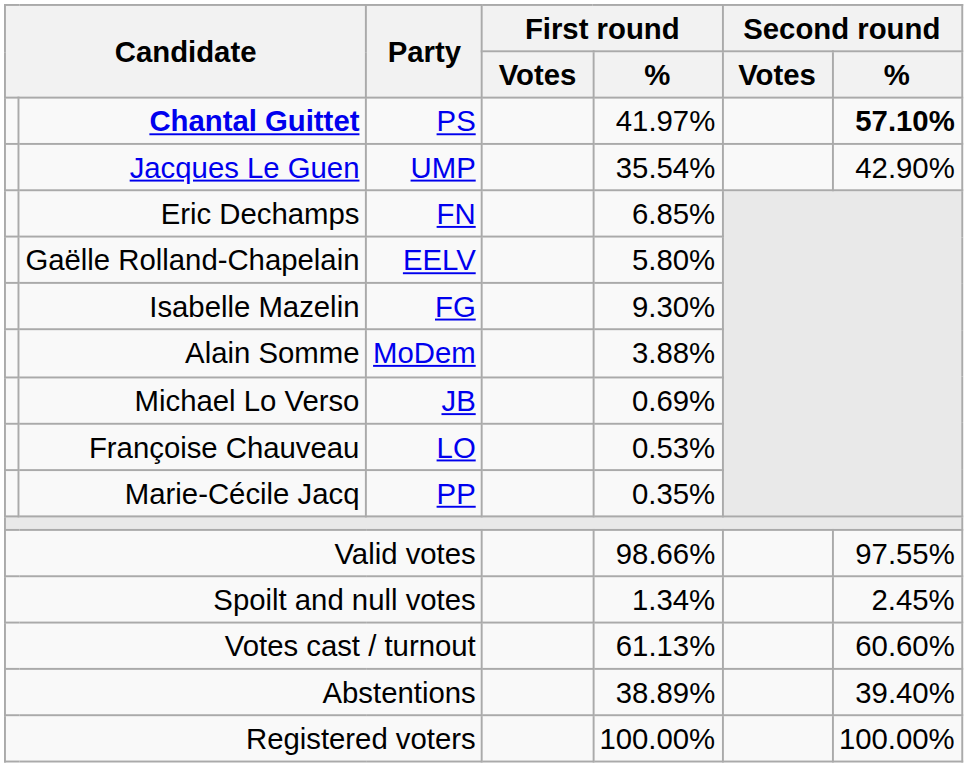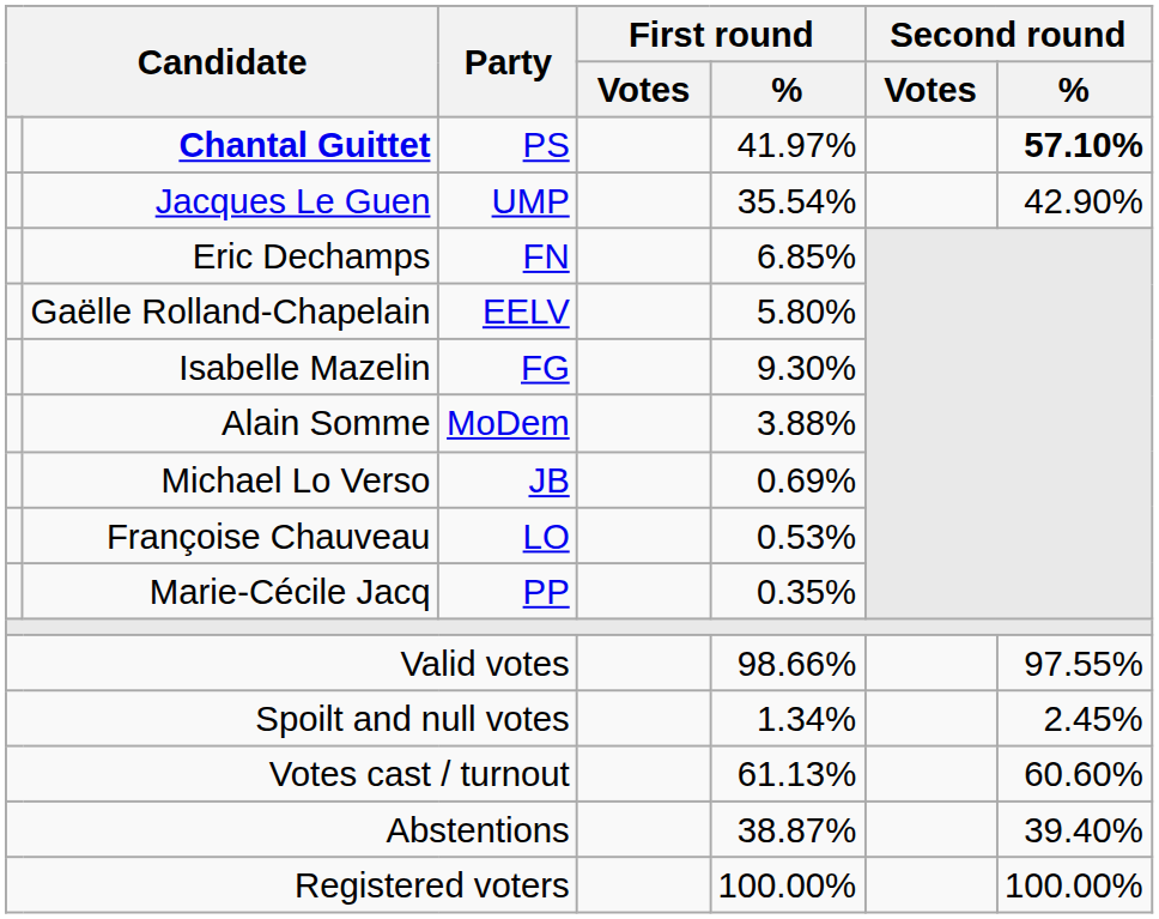 <table class="wikitable" style="text-align:right;font-size:95%;">
 <tr>
 <th rowspan=2 colspan=2>Candidate</th>
 <th rowspan=2 colspan=1>Party</th>
 <th colspan=2>First round</th>
 <th colspan=2>Second round</th>
 </tr>
 <tr>
 <th style="width:50px;">Votes</th>
 <th style="width:55px;">%</th>
 <th style="width:50px;">Votes</th>
 <th style="width:55px;">%</th>
 </tr>
 <tr>
 <td style="color:inherit;background-color:"></td>
 <td><strong><a href='#'>Chantal Guittet</a></strong></td>
 <td><a href='#'>PS</a></td>
 <td></td>
 <td>41.97%</td>
 <td><strong></strong></td>
 <td><strong>57.10%</strong></td>
 </tr>
 <tr>
 <td style="color:inherit;background-color:"></td>
 <td><a href='#'>Jacques Le Guen</a></td>
 <td><a href='#'>UMP</a></td>
 <td></td>
 <td>35.54%</td>
 <td></td>
 <td>42.90%</td>
 </tr>
 <tr>
 <td style="color:inherit;background-color:"></td>
 <td>Eric Dechamps</td>
 <td><a href='#'>FN</a></td>
 <td></td>
 <td>6.85%</td>
 <td colspan=7 rowspan=7 style="background-color:#E9E9E9;"></td>
 </tr>
 <tr>
 <td style="color:inherit;background-color:"></td>
 <td>Gaëlle Rolland-Chapelain</td>
 <td><a href='#'>EELV</a></td>
 <td></td>
 <td>5.80%</td>
 </tr>
 <tr>
 <td style="color:inherit;background-color:"></td>
 <td>Isabelle Mazelin</td>
 <td><a href='#'>FG</a></td>
 <td></td>
 <td>9.30%</td>
 </tr>
 <tr>
 <td style="color:inherit;background-color:"></td>
 <td>Alain Somme</td>
 <td><a href='#'>MoDem</a></td>
 <td></td>
 <td>3.88%</td>
 </tr>
 <tr>
 <td style="color:inherit;background-color:"></td>
 <td>Michael Lo Verso</td>
 <td><a href='#'>JB</a> </td>
 <td></td>
 <td>0.69%</td>
 </tr>
 <tr>
 <td style="color:inherit;background-color:"></td>
 <td>Françoise Chauveau</td>
 <td><a href='#'>LO</a></td>
 <td></td>
 <td>0.53%</td>
 </tr>
 <tr>
 <td style="color:inherit;background-color:"></td>
 <td>Marie-Cécile Jacq</td>
 <td><a href='#'>PP</a></td>
 <td></td>
 <td>0.35%</td>
 </tr>
 <tr>
 <td colspan=7 style="background-color:#E9E9E9;"></td>
 </tr>
 <tr>
 <td colspan=3>Valid votes</td>
 <td></td>
 <td>98.66%</td>
 <td></td>
 <td>97.55%</td>
 </tr>
 <tr>
 <td colspan=3>Spoilt and null votes</td>
 <td></td>
 <td>1.34%</td>
 <td></td>
 <td>2.45%</td>
 </tr>
 <tr>
 <td colspan=3>Votes cast / turnout</td>
 <td></td>
 <td>61.13%</td>
 <td></td>
 <td>60.60%</td>
 </tr>
 <tr>
 <td colspan=3>Abstentions</td>
 <td></td>
-<td>38.89%</td>
+<td>38.87%</td>
 <td></td>
 <td>39.40%</td>
 </tr>
 <tr>
 <td colspan=3>Registered voters</td>
 <td></td>
 <td>100.00%</td>
 <td></td>
 <td>100.00%</td>
 </tr>
 </table>
